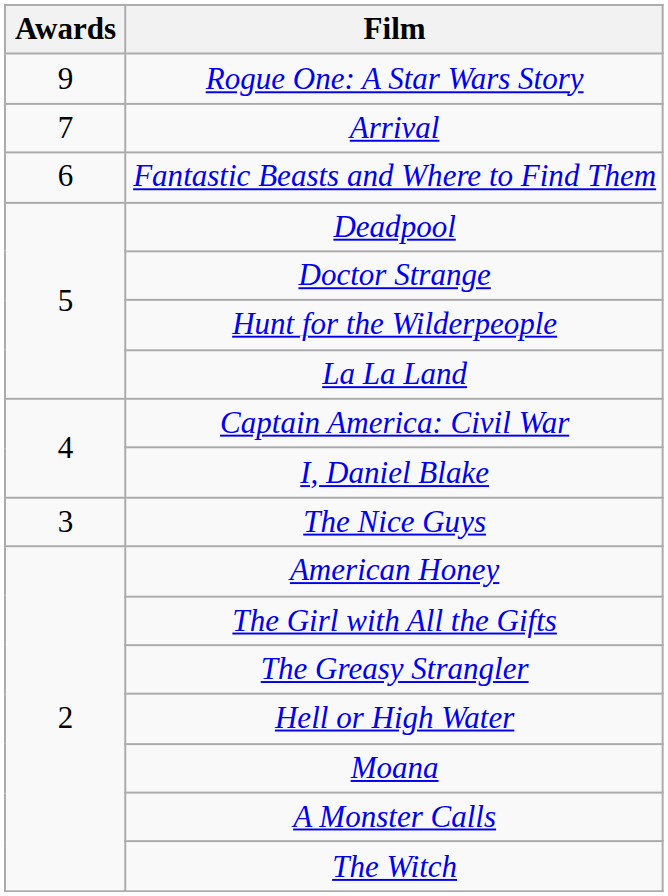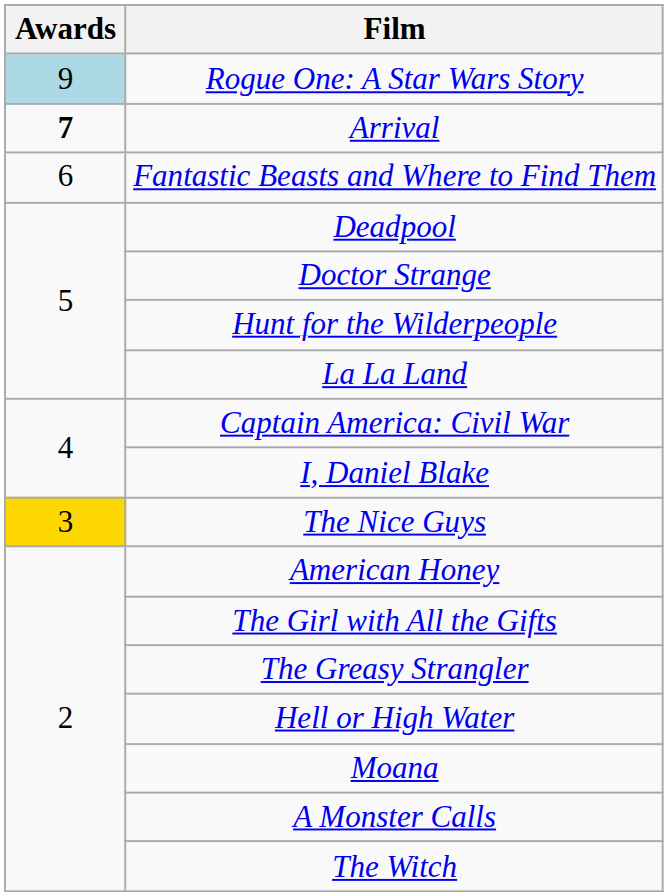 <table class="wikitable" style="text-align:center;">
 <tr>
 <th scope="col" width="55">Awards</th>
 <th scope="col">Film</th>
 </tr>
 <tr>
-<td>9</td>
+<td style="background: lightblue;">9</td>
 <td><em><a href='#'>Rogue One: A Star Wars Story</a></em></td>
 </tr>
 <tr>
-<td>7</td>
+<td><strong>7</strong></td>
 <td><em><a href='#'>Arrival</a></em></td>
 </tr>
 <tr>
 <td>6</td>
 <td><em><a href='#'>Fantastic Beasts and Where to Find Them</a></em></td>
 </tr>
 <tr>
 <td rowspan="4">5</td>
 <td><em><a href='#'>Deadpool</a></em></td>
 </tr>
 <tr>
 <td><em><a href='#'>Doctor Strange</a></em></td>
 </tr>
 <tr>
 <td><em><a href='#'>Hunt for the Wilderpeople</a></em></td>
 </tr>
 <tr>
 <td><em><a href='#'>La La Land</a></em></td>
 </tr>
 <tr>
 <td rowspan="2">4</td>
 <td><em><a href='#'>Captain America: Civil War</a></em></td>
 </tr>
 <tr>
 <td><em><a href='#'>I, Daniel Blake</a></em></td>
 </tr>
 <tr>
-<td>3</td>
+<td style="background: gold;">3</td>
 <td><em><a href='#'>The Nice Guys</a></em></td>
 </tr>
 <tr>
 <td rowspan="7">2</td>
 <td><em><a href='#'>American Honey</a></em></td>
 </tr>
 <tr>
 <td><em><a href='#'>The Girl with All the Gifts</a></em></td>
 </tr>
 <tr>
 <td><em><a href='#'>The Greasy Strangler</a></em></td>
 </tr>
 <tr>
 <td><em><a href='#'>Hell or High Water</a></em></td>
 </tr>
 <tr>
 <td><em><a href='#'>Moana</a></em></td>
 </tr>
 <tr>
 <td><em><a href='#'>A Monster Calls</a></em></td>
 </tr>
 <tr>
 <td><em><a href='#'>The Witch</a></em></td>
 </tr>
 <tr>
 </tr>
 </table>
